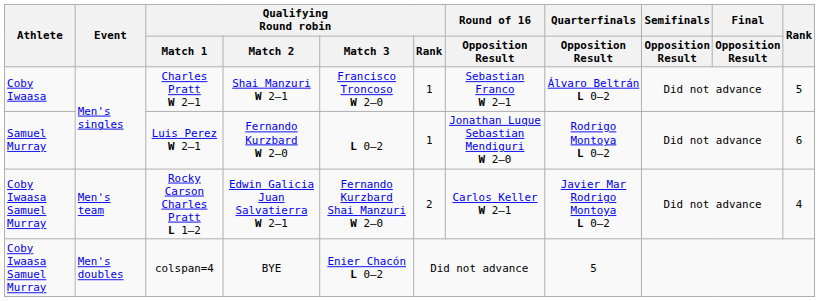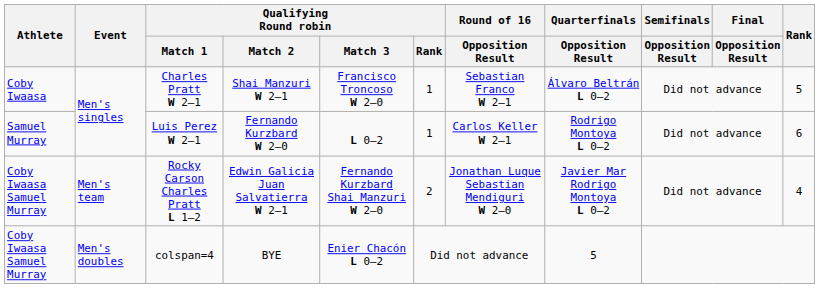 <table class="wikitable" style="font-size:90%">
 <tr>
 <th rowspan="2">Athlete</th>
 <th rowspan="2">Event</th>
 <th colspan="4">Qualifying<br>Round robin</th>
 <th>Round of 16</th>
 <th>Quarterfinals</th>
 <th>Semifinals</th>
 <th>Final</th>
 <th rowspan="2">Rank</th>
 </tr>
 <tr>
 <th>Match 1</th>
 <th>Match 2</th>
 <th>Match 3</th>
 <th>Rank</th>
 <th>Opposition<br>Result</th>
 <th>Opposition<br>Result</th>
 <th>Opposition<br>Result</th>
 <th>Opposition<br>Result</th>
 </tr>
 <tr align=center>
 <td align=left><a href='#'>Coby Iwaasa</a></td>
 <td rowspan=2 align=left><a href='#'>Men's singles</a></td>
 <td align=center> <a href='#'>Charles Pratt</a><br><strong>W</strong> 2–1</td>
 <td align=center> <a href='#'>Shai Manzuri</a><br><strong>W</strong> 2–1</td>
 <td align=center> <a href='#'>Francisco Troncoso</a><br><strong>W</strong> 2–0</td>
 <td>1</td>
 <td align=center> <a href='#'>Sebastian Franco</a><br><strong>W</strong> 2–1</td>
 <td align=center> <a href='#'>Álvaro Beltrán</a><br><strong>L</strong> 0–2</td>
 <td colspan=2>Did not advance</td>
 <td>5</td>
 </tr>
 <tr align=center>
 <td align=left><a href='#'>Samuel Murray</a></td>
 <td align=center> <a href='#'>Luis Perez</a><br><strong>W</strong> 2–1</td>
 <td align=center> <a href='#'>Fernando Kurzbard</a><br><strong>W</strong> 2–0</td>
 <td align=center><br><strong>L</strong> 0–2</td>
 <td>1</td>
-<td align=center> <a href='#'>Jonathan Luque</a><br><a href='#'>Sebastian Mendiguri</a><br><strong>W</strong> 2–0</td>
+<td align=center> <a href='#'>Carlos Keller</a><br><strong>W</strong> 2–1</td>
 <td align=center> <a href='#'>Rodrigo Montoya</a><br><strong>L</strong> 0–2</td>
 <td colspan=2>Did not advance</td>
 <td>6</td>
 </tr>
 <tr align=center>
 <td align=left><a href='#'>Coby Iwaasa</a><br><a href='#'>Samuel Murray</a></td>
 <td align=left><a href='#'>Men's team</a></td>
 <td align=center> <a href='#'>Rocky Carson</a><br><a href='#'>Charles Pratt</a><br><strong>L</strong> 1–2</td>
 <td align=center> <a href='#'>Edwin Galicia</a><br><a href='#'>Juan Salvatierra</a><br><strong>W</strong> 2–1</td>
 <td align=center> <a href='#'>Fernando Kurzbard</a><br><a href='#'>Shai Manzuri</a><br><strong>W</strong> 2–0</td>
 <td>2</td>
-<td align=center> <a href='#'>Carlos Keller</a><br><strong>W</strong> 2–1</td>
+<td align=center> <a href='#'>Jonathan Luque</a><br><a href='#'>Sebastian Mendiguri</a><br><strong>W</strong> 2–0</td>
 <td align=center> <a href='#'>Javier Mar</a><br><a href='#'>Rodrigo Montoya</a><br><strong>L</strong> 0–2</td>
 <td colspan=2>Did not advance</td>
 <td>4</td>
 </tr>
 <tr align=center>
 <td align=left><a href='#'>Coby Iwaasa</a><br><a href='#'>Samuel Murray</a></td>
 <td align=left><a href='#'>Men's doubles</a></td>
 <td>colspan=4 </td>
 <td>BYE</td>
 <td align=center> <a href='#'>Enier Chacón</a><br><strong>L</strong> 0–2</td>
 <td colspan=2>Did not advance</td>
 <td>5</td>
 </tr>
 </table>
